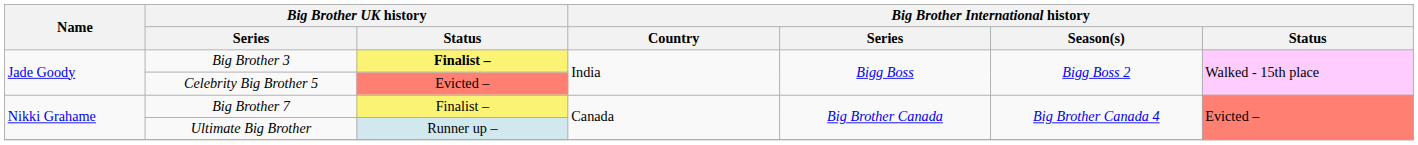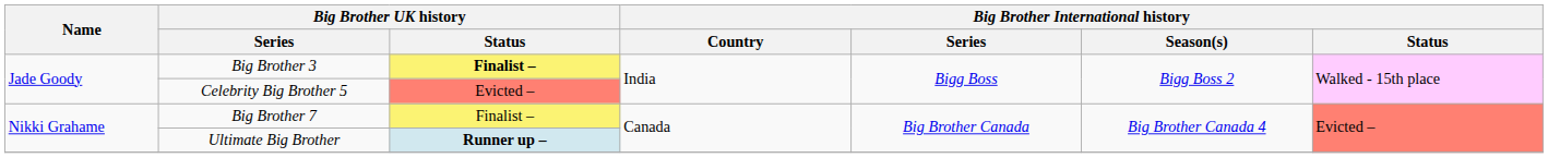 <table class="wikitable" style="width: 100%">
 <tr>
 <th rowspan="2" style="text-align:center">Name</th>
 <th colspan="2" style="text-align:center"><em>Big Brother UK</em> history</th>
 <th colspan="4" style="text-align:center"><em>Big Brother International</em> history</th>
 </tr>
 <tr>
 <th style="text-align:center; width:15%;">Series</th>
 <th style="text-align:center; width:15%;">Status</th>
 <th style="text-align:center; width:15%;">Country</th>
 <th style="text-align:center; width:15%;">Series</th>
 <th style="text-align:center; width:15%;">Season(s)</th>
 <th style="text-align:center; width:15%;">Status</th>
 </tr>
 <tr>
 <td rowspan=2><a href='#'>Jade Goody</a></td>
 <td style="text-align:center"><em>Big Brother 3</em></td>
 <td style="background:#FBF373; text-align:center"><strong>Finalist – </strong></td>
 <td rowspan=2>India</td>
 <td style="text-align:center" rowspan=2><em><a href='#'>Bigg Boss</a></em></td>
 <td style="text-align:center" rowspan=2><em><a href='#'>Bigg Boss 2</a></em></td>
 <td style="background:#fcf" rowspan="2">Walked - 15th place</td>
 </tr>
 <tr>
 <td style="text-align:center"><em>Celebrity Big Brother 5</em></td>
 <td style="background:#FF8072; text-align:center">Evicted – </td>
 </tr>
 <tr>
 <td rowspan=2><a href='#'>Nikki Grahame</a></td>
 <td style="text-align:center"><em>Big Brother 7</em></td>
 <td style="background:#FBF373; text-align:center">Finalist – </td>
 <td rowspan=2>Canada</td>
 <td style="text-align:center" rowspan=2><em><a href='#'>Big Brother Canada</a></em></td>
 <td style="text-align:center" rowspan=2><em><a href='#'>Big Brother Canada 4</a></em></td>
 <td style="background:#FF8072" rowspan=2>Evicted – </td>
 </tr>
 <tr>
 <td style="text-align:center"><em>Ultimate Big Brother</em></td>
-<td style="background:#D1E8EF; text-align:center">Runner up – </td>
+<td style="background:#D1E8EF; text-align:center"><strong>Runner up – </strong></td>
 </tr>
 <tr>
 </tr>
 </table>
